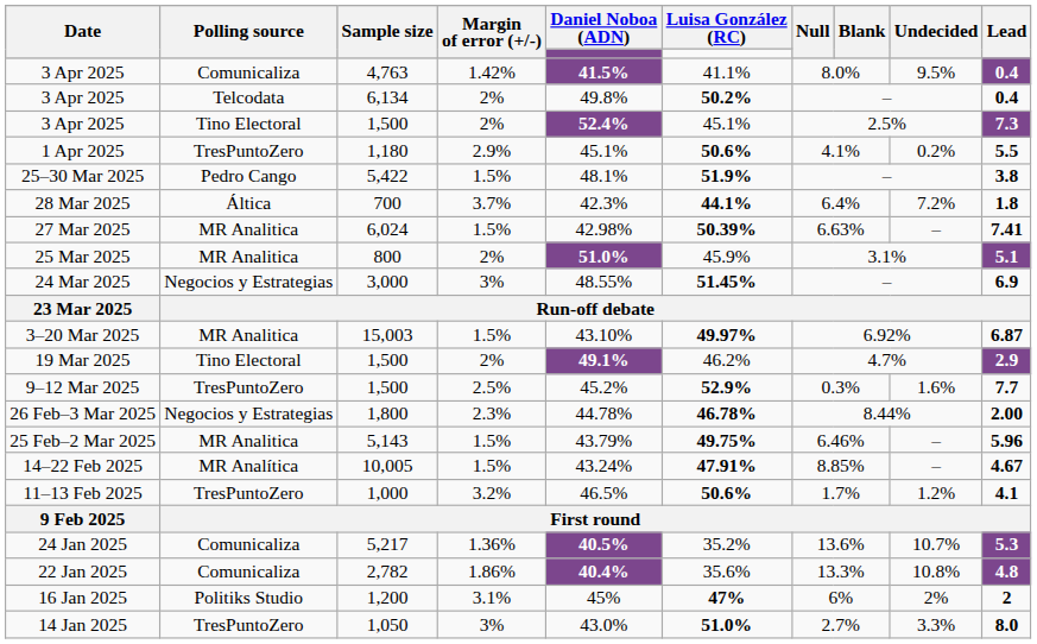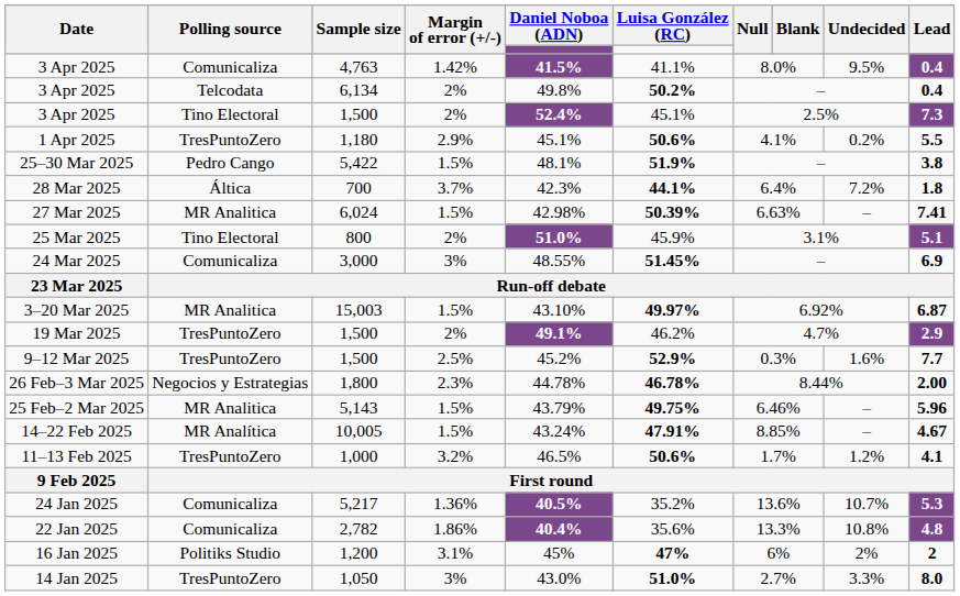 <table class="wikitable" style="text-align:center;font-size:85%;line-height:13px">
 <tr style="height:30px; background-color:#8B8B8B">
 <th rowspan="2">Date</th>
 <th rowspan="2">Polling source</th>
 <th rowspan="2">Sample size</th>
 <th rowspan="2">Margin<br>of error (<strong>+/-)</strong></th>
 <th><a href='#'>Daniel Noboa</a><br>(<a href='#'>ADN</a>)</th>
 <th><a href='#'>Luisa González</a><br>(<a href='#'>RC</a>)</th>
 <th rowspan="2">Null</th>
 <th rowspan="2">Blank</th>
 <th rowspan="2">Undecided</th>
 <th rowspan="2">Lead</th>
 </tr>
 <tr>
 <td bgcolor="#7C468D"></td>
 <td></td>
 </tr>
 <tr>
 <td>3 Apr 2025</td>
 <td>Comunicaliza</td>
 <td>4,763</td>
 <td>1.42%</td>
 <td style="background:#7C468D;color:#FFFFFF;"><strong>41.5%</strong></td>
 <td>41.1%</td>
 <td colspan="2">8.0%</td>
 <td>9.5%</td>
 <td style="background:#7C468D;color:#FFFFFF;"><strong>0.4</strong></td>
 </tr>
 <tr>
 <td>3 Apr 2025</td>
 <td>Telcodata</td>
 <td>6,134</td>
 <td>2%</td>
 <td>49.8%</td>
 <td style="background:"><strong>50.2%</strong></td>
 <td colspan="3">–</td>
 <td style="background:"><strong>0.4</strong></td>
 </tr>
 <tr>
 <td>3 Apr 2025</td>
 <td>Tino Electoral</td>
 <td>1,500</td>
 <td>2%</td>
 <td style="background:#7C468D;color:#FFFFFF;"><strong>52.4%</strong></td>
 <td>45.1%</td>
 <td colspan="3">2.5%</td>
 <td style="background:#7C468D;color:#FFFFFF;"><strong>7.3</strong></td>
 </tr>
 <tr>
 <td>1 Apr 2025</td>
 <td>TresPuntoZero</td>
 <td>1,180</td>
 <td>2.9%</td>
 <td>45.1%</td>
 <td style="background:"><strong>50.6%</strong></td>
 <td colspan="2">4.1%</td>
 <td>0.2%</td>
 <td style="background:"><strong>5.5</strong></td>
 </tr>
 <tr>
 <td>25–30 Mar 2025</td>
 <td>Pedro Cango</td>
 <td>5,422</td>
 <td>1.5%</td>
 <td>48.1%</td>
 <td style="background:"><strong>51.9%</strong></td>
 <td colspan="3">–</td>
 <td style="background:"><strong>3.8</strong></td>
 </tr>
 <tr>
 <td>28 Mar 2025</td>
 <td>Áltica</td>
 <td>700</td>
 <td>3.7%</td>
 <td>42.3%</td>
 <td style="background:"><strong>44.1%</strong></td>
 <td colspan="2">6.4%</td>
 <td>7.2%</td>
 <td style="background:"><strong>1.8</strong></td>
 </tr>
 <tr>
 <td>27 Mar 2025</td>
 <td>MR Analitica</td>
 <td>6,024</td>
 <td>1.5%</td>
 <td>42.98%</td>
 <td style="background:"><strong>50.39%</strong></td>
 <td colspan="2">6.63%</td>
 <td>–</td>
 <td style="background:"><strong>7.41</strong></td>
 </tr>
 <tr>
 <td>25 Mar 2025</td>
-<td>MR Analitica</td>
+<td>Tino Electoral</td>
 <td>800</td>
 <td>2%</td>
 <td style="background:#7C468D;color:#FFFFFF;"><strong>51.0%</strong></td>
 <td>45.9%</td>
 <td colspan="3">3.1%</td>
 <td style="background:#7C468D;color:#FFFFFF;"><strong>5.1</strong></td>
 </tr>
 <tr>
 <td>24 Mar 2025</td>
-<td>Negocios y Estrategias</td>
+<td>Comunicaliza</td>
 <td>3,000</td>
 <td>3%</td>
 <td>48.55%</td>
 <td style="background:"><strong>51.45%</strong></td>
 <td colspan="3">–</td>
 <td style="background:"><strong>6.9</strong></td>
 </tr>
 <tr>
 <th>23 Mar 2025</th>
 <th colspan="9"><strong>Run-off debate</strong></th>
 </tr>
 <tr>
 <td>3–20 Mar 2025</td>
 <td>MR Analitica</td>
 <td>15,003</td>
 <td>1.5%</td>
 <td>43.10%</td>
 <td style="background:"><strong>49.97%</strong></td>
 <td colspan="3">6.92%</td>
 <td style="background:"><strong>6.87</strong></td>
 </tr>
 <tr>
 <td>19 Mar 2025</td>
-<td>Tino Electoral</td>
+<td>TresPuntoZero</td>
 <td>1,500</td>
 <td>2%</td>
 <td style="background:#7C468D;color:#FFFFFF;"><strong>49.1%</strong></td>
 <td>46.2%</td>
 <td colspan="3">4.7%</td>
 <td style="background:#7C468D;color:#FFFFFF;"><strong>2.9</strong></td>
 </tr>
 <tr>
 <td>9–12 Mar 2025</td>
 <td>TresPuntoZero</td>
 <td>1,500</td>
 <td>2.5%</td>
 <td>45.2%</td>
 <td style="background:"><strong>52.9%</strong></td>
 <td colspan="2">0.3%</td>
 <td>1.6%</td>
 <td style="background:"><strong>7.7</strong></td>
 </tr>
 <tr>
 <td>26 Feb–3 Mar 2025</td>
 <td>Negocios y Estrategias</td>
 <td>1,800</td>
 <td>2.3%</td>
 <td>44.78%</td>
 <td style="background:"><strong>46.78%</strong></td>
 <td colspan="3">8.44%</td>
 <td style="background:"><strong>2.00</strong></td>
 </tr>
 <tr>
 <td>25 Feb–2 Mar 2025</td>
 <td>MR Analitica</td>
 <td>5,143</td>
 <td>1.5%</td>
 <td>43.79%</td>
 <td style="background:"><strong>49.75%</strong></td>
 <td colspan="2">6.46%</td>
 <td>–</td>
 <td style="background:"><strong>5.96</strong></td>
 </tr>
 <tr>
 <td>14–22 Feb 2025</td>
 <td>MR Analítica</td>
 <td>10,005</td>
 <td>1.5%</td>
 <td>43.24%</td>
 <td style="background:"><strong>47.91%</strong></td>
 <td colspan="2">8.85%</td>
 <td>–</td>
 <td style="background:"><strong>4.67</strong></td>
 </tr>
 <tr>
 <td>11–13 Feb 2025</td>
 <td>TresPuntoZero</td>
 <td>1,000</td>
 <td>3.2%</td>
 <td>46.5%</td>
 <td style="background:"><strong>50.6%</strong></td>
 <td colspan="2">1.7%</td>
 <td>1.2%</td>
 <td style="background:"><strong>4.1</strong></td>
 </tr>
 <tr>
 <th>9 Feb 2025</th>
 <th colspan="9"><strong>First round</strong></th>
 </tr>
 <tr>
 <td>24 Jan 2025</td>
 <td>Comunicaliza</td>
 <td>5,217</td>
 <td>1.36%</td>
 <td style="background:#7C468D;color:#FFFFFF;"><strong>40.5%</strong></td>
 <td>35.2%</td>
 <td colspan="2">13.6%</td>
 <td>10.7%</td>
 <td style="background:#7C468D;color:#FFFFFF;"><strong>5.3</strong></td>
 </tr>
 <tr>
 <td>22 Jan 2025</td>
 <td>Comunicaliza</td>
 <td>2,782</td>
 <td>1.86%</td>
 <td style="background:#7C468D;color:#FFFFFF;"><strong>40.4%</strong></td>
 <td>35.6%</td>
 <td colspan="2">13.3%</td>
 <td>10.8%</td>
 <td style="background:#7C468D;color:#FFFFFF;"><strong>4.8</strong></td>
 </tr>
 <tr>
 <td>16 Jan 2025</td>
 <td>Politiks Studio</td>
 <td>1,200</td>
 <td>3.1%</td>
 <td>45%</td>
 <td style="background:"><strong>47%</strong></td>
 <td colspan="2">6%</td>
 <td>2%</td>
 <td style="background:"><strong>2</strong></td>
 </tr>
 <tr>
 <td>14 Jan 2025</td>
 <td>TresPuntoZero</td>
 <td>1,050</td>
 <td>3%</td>
 <td>43.0%</td>
 <td style="background:"><strong>51.0%</strong></td>
 <td colspan="2">2.7%</td>
 <td>3.3%</td>
 <td style="background:"><strong>8.0</strong></td>
 </tr>
 </table>
